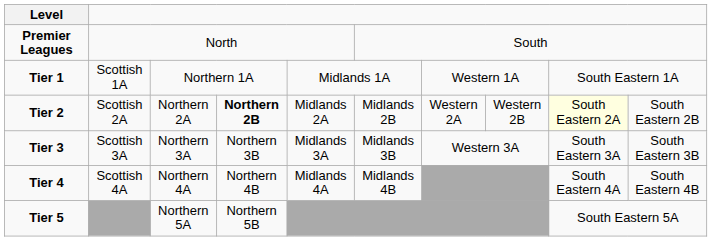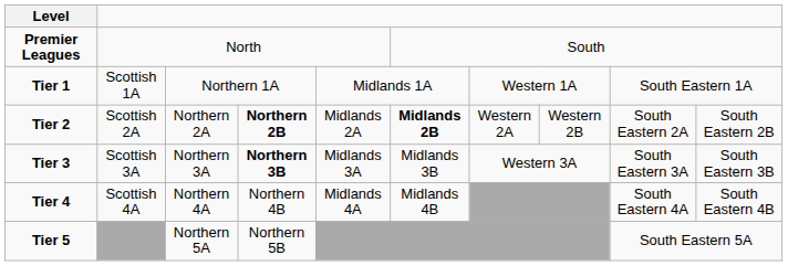 <table class="wikitable" style="text-align: center">
 <tr>
 <th>Level</th>
 </tr>
 <tr>
 <td><strong>Premier Leagues</strong></td>
 <td colspan=4>North</td>
 <td colspan=5>South</td>
 </tr>
 <tr>
 <td><strong>Tier 1</strong></td>
 <td>Scottish 1A</td>
 <td colspan=2>Northern 1A</td>
 <td colspan=2>Midlands 1A</td>
 <td colspan=2>Western 1A</td>
 <td colspan=2>South Eastern 1A</td>
 </tr>
 <tr>
 <td><strong>Tier 2</strong></td>
 <td>Scottish 2A</td>
 <td>Northern 2A</td>
 <td><strong>Northern 2B</strong></td>
 <td>Midlands 2A</td>
-<td>Midlands 2B</td>
+<td><strong>Midlands 2B</strong></td>
 <td>Western 2A</td>
 <td>Western 2B</td>
-<td style="background: lightyellow;">South Eastern 2A</td>
+<td>South Eastern 2A</td>
 <td>South Eastern 2B</td>
 </tr>
 <tr>
 <td><strong>Tier 3</strong></td>
 <td>Scottish 3A</td>
 <td>Northern 3A</td>
-<td>Northern 3B</td>
+<td><strong>Northern 3B</strong></td>
 <td>Midlands 3A</td>
 <td>Midlands 3B</td>
 <td colspan=2>Western 3A</td>
 <td>South Eastern 3A</td>
 <td>South Eastern 3B</td>
 </tr>
 <tr>
 <td><strong>Tier 4</strong></td>
 <td>Scottish 4A</td>
 <td>Northern 4A</td>
 <td>Northern 4B</td>
 <td>Midlands 4A</td>
 <td>Midlands 4B</td>
 <td colspan=2 style="background-color:#aaaaaa;"></td>
 <td>South Eastern 4A</td>
 <td>South Eastern 4B</td>
 </tr>
 <tr>
 <td><strong>Tier 5</strong></td>
 <td style="background-color:#aaaaaa;"></td>
 <td>Northern 5A</td>
 <td>Northern 5B</td>
 <td colspan=4 style="background-color:#aaaaaa;"></td>
 <td colspan=2>South Eastern 5A</td>
 </tr>
 </table>
